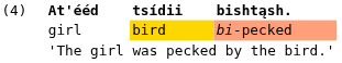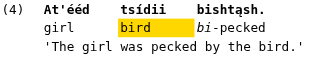 <table cellspacing="0" cellpadding="2" style="margin-left:2em">
 <tr>
 <td>(4)  </td>
 <td><strong>At'ééd</strong></td>
 <td><strong>tsídii</strong></td>
 <td><strong>bishtąsh.</strong></td>
 </tr>
 <tr>
 <td></td>
 <td>girl</td>
 <td style="background: gold;">bird</td>
-<td style="background: lightsalmon;"><em>bi</em>-pecked</td>
+<td><em>bi</em>-pecked</td>
 </tr>
 <tr>
 <td></td>
 <td COLSPAN=3>'The girl was pecked by the bird.'</td>
 </tr>
 </table>
